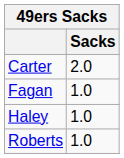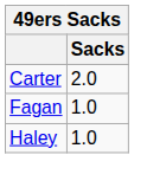 <table class="wikitable">
 <tr>
 <th colspan="2">49ers Sacks</th>
 </tr>
 <tr>
 <th></th>
 <th>Sacks</th>
 </tr>
 <tr>
 <td><a href='#'>Carter</a></td>
 <td>2.0</td>
 </tr>
 <tr>
 <td><a href='#'>Fagan</a></td>
 <td>1.0</td>
 </tr>
 <tr>
 <td><a href='#'>Haley</a></td>
 <td>1.0</td>
 </tr>
-<tr>
-<td><a href='#'>Roberts</a></td>
-<td>1.0</td>
-</tr>
 </table>
